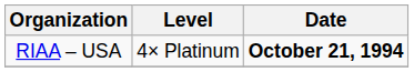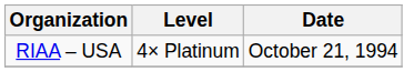 <table class="wikitable">
 <tr>
 <th>Organization</th>
 <th>Level</th>
 <th>Date</th>
 </tr>
 <tr>
 <td style="text-align:center"><a href='#'>RIAA</a> – USA</td>
 <td style="text-align:center">4× Platinum</td>
-<td style="text-align:center"><strong>October 21, 1994</strong></td>
+<td style="text-align:center">October 21, 1994</td>
 </tr>
 <tr>
 </tr>
 </table>
